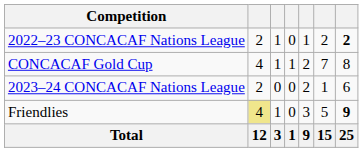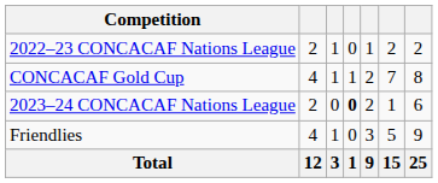 <table class="wikitable">
 <tr>
 <th>Competition</th>
 <th></th>
 <th></th>
 <th></th>
 <th></th>
 <th></th>
 <th></th>
 </tr>
 <tr align=center>
 <td align=left><a href='#'>2022–23 CONCACAF Nations League</a></td>
 <td>2</td>
 <td>1</td>
 <td>0</td>
 <td>1</td>
 <td>2</td>
-<td><strong>2</strong></td>
+<td>2</td>
 </tr>
 <tr align=center>
 <td align=left><a href='#'>CONCACAF Gold Cup</a></td>
 <td>4</td>
 <td>1</td>
 <td>1</td>
 <td>2</td>
 <td>7</td>
 <td>8</td>
 </tr>
 <tr align=center>
 <td align=left><a href='#'>2023–24 CONCACAF Nations League</a></td>
 <td>2</td>
 <td>0</td>
-<td>0</td>
+<td><strong>0</strong></td>
 <td>2</td>
 <td>1</td>
 <td>6</td>
 </tr>
 <tr align=center>
 <td align=left>Friendlies</td>
-<td style="background: khaki;">4</td>
+<td>4</td>
 <td>1</td>
 <td>0</td>
 <td>3</td>
 <td>5</td>
-<td><strong>9</strong></td>
+<td>9</td>
 </tr>
 <tr>
 <th align=left>Total</th>
 <th>12</th>
 <th>3</th>
 <th>1</th>
 <th>9</th>
 <th>15</th>
 <th>25</th>
 </tr>
 </table>
